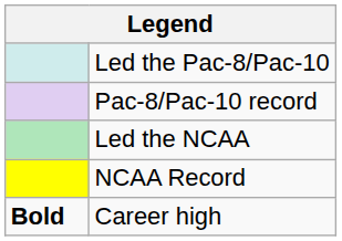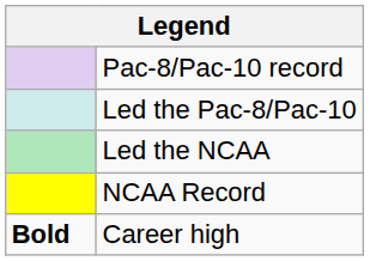 <table class="wikitable">
 <tr>
 <th colspan="2">Legend</th>
 </tr>
 <tr>
+<td Style="background:#e0cef2; width:3em"></td>
+<td>Pac-8/Pac-10 record</td>
+</tr>
+<tr>
 <td style="background:#cfecec; width:3em;"></td>
 <td>Led the Pac-8/Pac-10</td>
-</tr>
-<tr>
-<td Style="background:#e0cef2; width:3em"></td>
-<td>Pac-8/Pac-10 record</td>
 </tr>
 <tr>
 <td style="background:#afe6ba; width:3em;"></td>
 <td>Led the NCAA</td>
 </tr>
 <tr>
 <td style="background:#ff0; width:3em;"></td>
 <td>NCAA Record</td>
 </tr>
 <tr>
 <td><strong>Bold</strong></td>
 <td>Career high</td>
 </tr>
 </table>
